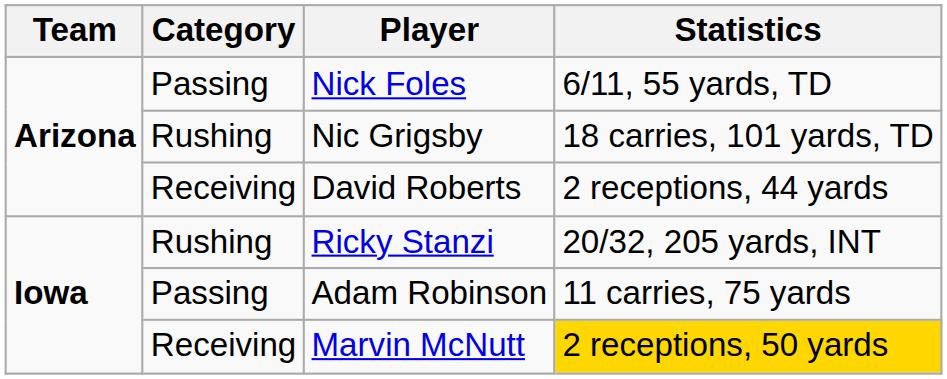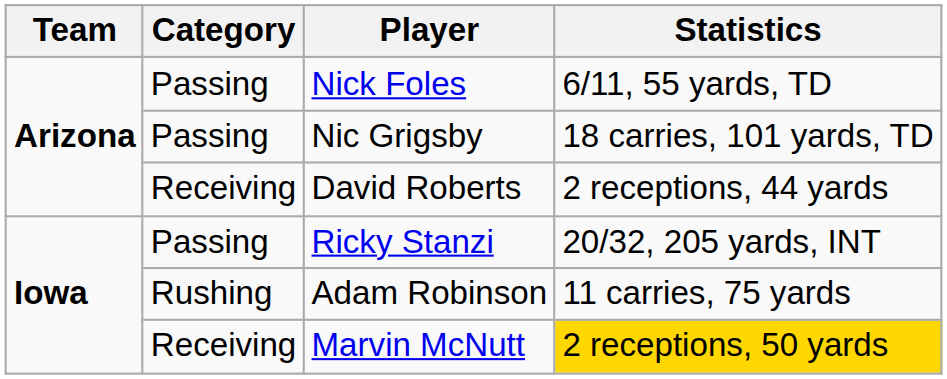 <table class="wikitable" style="float: right;">
 <tr>
 <th>Team</th>
 <th>Category</th>
 <th>Player</th>
 <th>Statistics</th>
 </tr>
 <tr>
 <td rowspan=3><strong>Arizona</strong></td>
 <td>Passing</td>
 <td><a href='#'>Nick Foles</a></td>
 <td>6/11, 55 yards, TD</td>
 </tr>
 <tr>
-<td>Rushing</td>
+<td>Passing</td>
 <td>Nic Grigsby</td>
 <td>18 carries, 101 yards, TD</td>
 </tr>
 <tr>
 <td>Receiving</td>
 <td>David Roberts</td>
 <td>2 receptions, 44 yards</td>
 </tr>
 <tr>
 <td rowspan=3><strong>Iowa</strong></td>
-<td>Rushing</td>
+<td>Passing</td>
 <td><a href='#'>Ricky Stanzi</a></td>
 <td>20/32, 205 yards, INT</td>
 </tr>
 <tr>
-<td>Passing</td>
+<td>Rushing</td>
 <td>Adam Robinson</td>
 <td>11 carries, 75 yards</td>
 </tr>
 <tr>
 <td>Receiving</td>
 <td><a href='#'>Marvin McNutt</a></td>
 <td style="background: gold;">2 receptions, 50 yards</td>
 </tr>
 </table>
